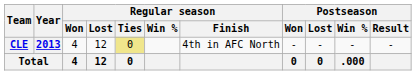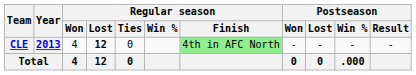 <table class="wikitable" style="font-size: 95%; text-align:center;">
 <tr>
 <th rowspan="2">Team</th>
 <th rowspan="2">Year</th>
 <th colspan="5">Regular season</th>
 <th colspan="4">Postseason</th>
 </tr>
 <tr>
 <th>Won</th>
 <th>Lost</th>
 <th>Ties</th>
 <th>Win %</th>
 <th>Finish</th>
 <th>Won</th>
 <th>Lost</th>
 <th>Win %</th>
 <th>Result</th>
 </tr>
 <tr>
 <th><a href='#'>CLE</a></th>
 <th><a href='#'>2013</a></th>
 <td>4</td>
-<td>12</td>
-<td style="background: khaki;">0</td>
+<td><strong>12</strong></td>
+<td>0</td>
 <td></td>
-<td>4th in AFC North</td>
+<td style="background: lightgreen;">4th in AFC North</td>
 <td>-</td>
 <td>-</td>
 <td>-</td>
 <td>-</td>
 </tr>
 <tr>
 <th colspan="2">Total</th>
 <th>4</th>
 <th>12</th>
 <th>0</th>
 <th></th>
 <th></th>
 <th>0</th>
 <th>0</th>
 <th>.000</th>
 <th></th>
 </tr>
 </table>
